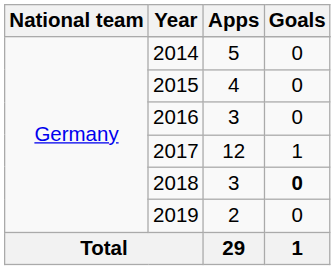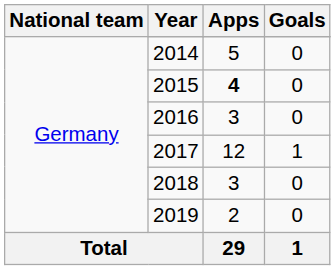 <table class="wikitable" style="text-align:center">
 <tr>
 <th>National team</th>
 <th>Year</th>
 <th>Apps</th>
 <th>Goals</th>
 </tr>
 <tr>
 <td rowspan=7><a href='#'>Germany</a></td>
 </tr>
 <tr>
 <td>2014</td>
 <td>5</td>
 <td>0</td>
 </tr>
 <tr>
 <td>2015</td>
-<td>4</td>
+<td><strong>4</strong></td>
 <td>0</td>
 </tr>
 <tr>
 <td>2016</td>
 <td>3</td>
 <td>0</td>
 </tr>
 <tr>
 <td>2017</td>
 <td>12</td>
 <td>1</td>
 </tr>
 <tr>
 <td>2018</td>
 <td>3</td>
-<td><strong>0</strong></td>
+<td>0</td>
 </tr>
 <tr>
 <td>2019</td>
 <td>2</td>
 <td>0</td>
 </tr>
 <tr>
 <th colspan=2>Total</th>
 <th>29</th>
 <th>1</th>
 </tr>
 </table>
